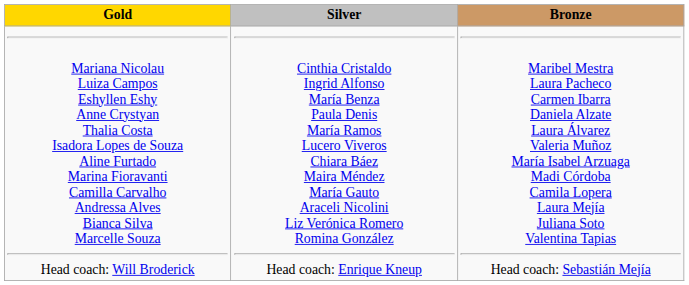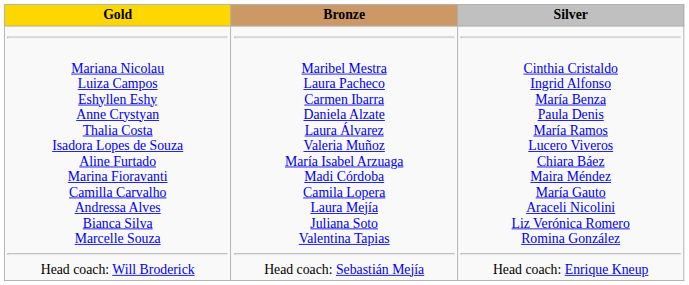 <table class="wikitable" style="text-align:center;">
 <tr>
 <td style="width: 16em;background: gold"><strong>Gold</strong></td>
+<td style="width: 16em;background: #CC9966"><strong>Bronze</strong></td>
 <td style="width: 16em;background: silver"><strong>Silver</strong></td>
-<td style="width: 16em;background: #CC9966"><strong>Bronze</strong></td>
 </tr>
 <tr>
 <td align=top><strong></strong><hr><br><a href='#'>Mariana Nicolau</a><br><a href='#'>Luiza Campos</a><br><a href='#'>Eshyllen Eshy</a><br><a href='#'>Anne Crystyan</a><br><a href='#'>Thalia Costa</a><br><a href='#'>Isadora Lopes de Souza</a><br><a href='#'>Aline Furtado</a><br><a href='#'>Marina Fioravanti</a><br><a href='#'>Camilla Carvalho</a><br><a href='#'>Andressa Alves</a><br><a href='#'>Bianca Silva</a><br><a href='#'>Marcelle Souza</a><br><hr>Head coach: <a href='#'>Will Broderick</a></td>
+<td align=top><strong></strong><hr><br><a href='#'>Maribel Mestra</a><br><a href='#'>Laura Pacheco</a><br><a href='#'>Carmen Ibarra</a><br><a href='#'>Daniela Alzate</a><br><a href='#'>Laura Álvarez</a><br><a href='#'>Valeria Muñoz</a><br><a href='#'>María Isabel Arzuaga</a><br><a href='#'>Madi Córdoba</a><br><a href='#'>Camila Lopera</a><br><a href='#'>Laura Mejía</a><br><a href='#'>Juliana Soto</a><br><a href='#'>Valentina Tapias</a><br><hr>Head coach: <a href='#'>Sebastián Mejía</a></td>
 <td align=top><strong></strong><hr><br><a href='#'>Cinthia Cristaldo</a><br><a href='#'>Ingrid Alfonso</a><br><a href='#'>María Benza</a><br><a href='#'>Paula Denis</a><br><a href='#'>María Ramos</a><br><a href='#'>Lucero Viveros</a><br><a href='#'>Chiara Báez</a><br><a href='#'>Maira Méndez</a><br><a href='#'>María Gauto</a><br><a href='#'>Araceli Nicolini</a><br><a href='#'>Liz Verónica Romero</a><br><a href='#'>Romina González</a><br><hr>Head coach: <a href='#'>Enrique Kneup</a></td>
-<td align=top><strong></strong><hr><br><a href='#'>Maribel Mestra</a><br><a href='#'>Laura Pacheco</a><br><a href='#'>Carmen Ibarra</a><br><a href='#'>Daniela Alzate</a><br><a href='#'>Laura Álvarez</a><br><a href='#'>Valeria Muñoz</a><br><a href='#'>María Isabel Arzuaga</a><br><a href='#'>Madi Córdoba</a><br><a href='#'>Camila Lopera</a><br><a href='#'>Laura Mejía</a><br><a href='#'>Juliana Soto</a><br><a href='#'>Valentina Tapias</a><br><hr>Head coach: <a href='#'>Sebastián Mejía</a></td>
 </tr>
 </table>
